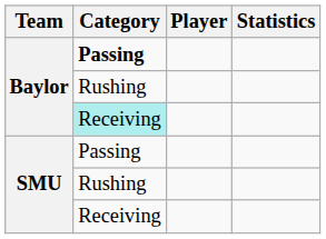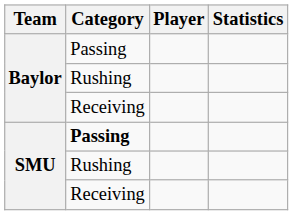 <table class="wikitable" style="float:right">
 <tr>
 <th>Team</th>
 <th>Category</th>
 <th>Player</th>
 <th>Statistics</th>
 </tr>
 <tr>
 <th rowspan=3>Baylor</th>
-<td><strong>Passing</strong></td>
-<td></td>
-<td></td>
-</tr>
-<tr>
-<td>Rushing</td>
-<td></td>
-<td></td>
-</tr>
-<tr>
-<td style="background: paleturquoise;">Receiving</td>
-<td></td>
-<td></td>
-</tr>
-<tr>
-<th rowspan=3>SMU</th>
 <td>Passing</td>
 <td></td>
 <td></td>
 </tr>
 <tr>
 <td>Rushing</td>
 <td></td>
 <td></td>
 </tr>
 <tr>
 <td>Receiving</td>
 <td></td>
 <td></td>
 </tr>
+<tr>
+<th rowspan=3>SMU</th>
+<td><strong>Passing</strong></td>
+<td></td>
+<td></td>
+</tr>
+<tr>
+<td>Rushing</td>
+<td></td>
+<td></td>
+</tr>
+<tr>
+<td>Receiving</td>
+<td></td>
+<td></td>
+</tr>
 </table>
